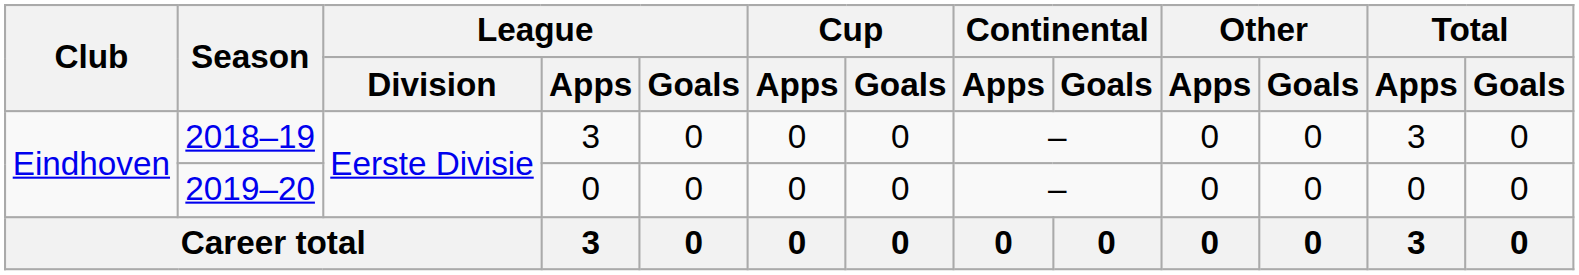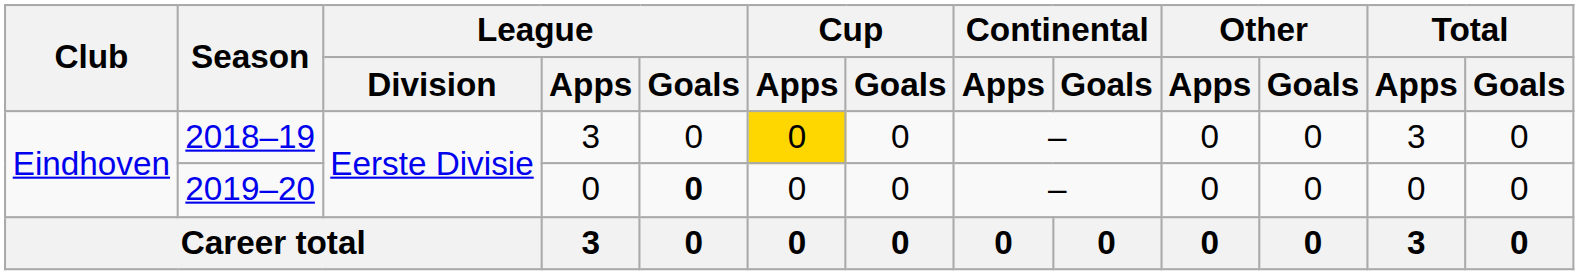 <table class="wikitable" style="text-align: center">
 <tr>
 <th rowspan="2">Club</th>
 <th rowspan="2">Season</th>
 <th colspan="3">League</th>
 <th colspan="2">Cup</th>
 <th colspan="2">Continental</th>
 <th colspan="2">Other</th>
 <th colspan="2">Total</th>
 </tr>
 <tr>
 <th>Division</th>
 <th>Apps</th>
 <th>Goals</th>
 <th>Apps</th>
 <th>Goals</th>
 <th>Apps</th>
 <th>Goals</th>
 <th>Apps</th>
 <th>Goals</th>
 <th>Apps</th>
 <th>Goals</th>
 </tr>
 <tr>
 <td rowspan="2"><a href='#'>Eindhoven</a></td>
 <td><a href='#'>2018–19</a></td>
 <td rowspan="2"><a href='#'>Eerste Divisie</a></td>
 <td>3</td>
 <td>0</td>
-<td>0</td>
+<td style="background: gold;">0</td>
 <td>0</td>
 <td colspan="2">–</td>
 <td>0</td>
 <td>0</td>
 <td>3</td>
 <td>0</td>
 </tr>
 <tr>
 <td><a href='#'>2019–20</a></td>
 <td>0</td>
-<td>0</td>
+<td><strong>0</strong></td>
 <td>0</td>
 <td>0</td>
 <td colspan="2">–</td>
 <td>0</td>
 <td>0</td>
 <td>0</td>
 <td>0</td>
 </tr>
 <tr>
 <th colspan="3"><strong>Career total</strong></th>
 <th>3</th>
 <th>0</th>
 <th>0</th>
 <th>0</th>
 <th>0</th>
 <th>0</th>
 <th>0</th>
 <th>0</th>
 <th>3</th>
 <th>0</th>
 </tr>
 </table>
